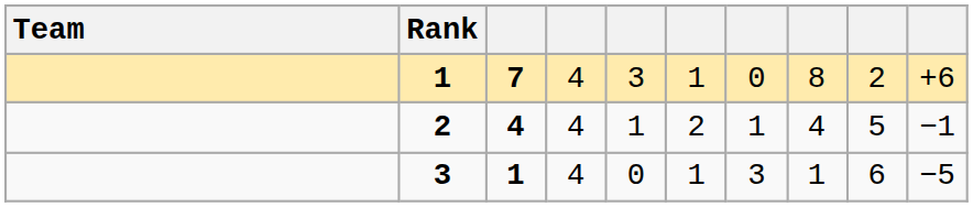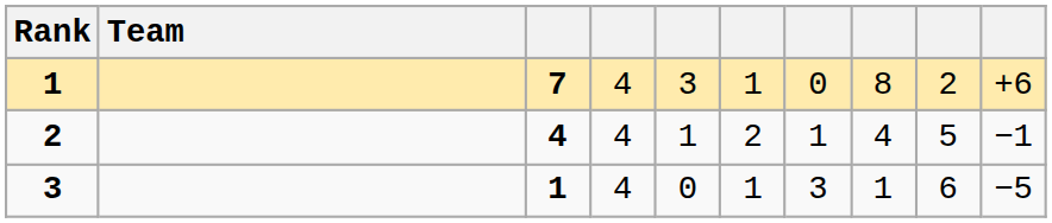 <table class="wikitable" style="text-align: center;">
 <tr>
+<th width=30>Rank</th>
 <th width=165 style="text-align:left;">Team</th>
-<th width=30>Rank</th>
 <th width=20></th>
 <th width=20></th>
 <th width=20></th>
 <th width=20></th>
 <th width=20></th>
 <th width=20></th>
 <th width=20></th>
 <th width=20></th>
 </tr>
 <tr style="background:#ffebad;">
+<td><strong>1</strong></td>
 <td style="text-align:left;"></td>
-<td><strong>1</strong></td>
 <td><strong>7</strong></td>
 <td>4</td>
 <td>3</td>
 <td>1</td>
 <td>0</td>
 <td>8</td>
 <td>2</td>
 <td>+6</td>
 </tr>
 <tr>
+<td><strong>2</strong></td>
 <td style="text-align:left;"></td>
-<td><strong>2</strong></td>
 <td><strong>4</strong></td>
 <td>4</td>
 <td>1</td>
 <td>2</td>
 <td>1</td>
 <td>4</td>
 <td>5</td>
 <td>−1</td>
 </tr>
 <tr>
+<td><strong>3</strong></td>
 <td style="text-align:left;"></td>
-<td><strong>3</strong></td>
 <td><strong>1</strong></td>
 <td>4</td>
 <td>0</td>
 <td>1</td>
 <td>3</td>
 <td>1</td>
 <td>6</td>
 <td>−5</td>
 </tr>
 </table>
